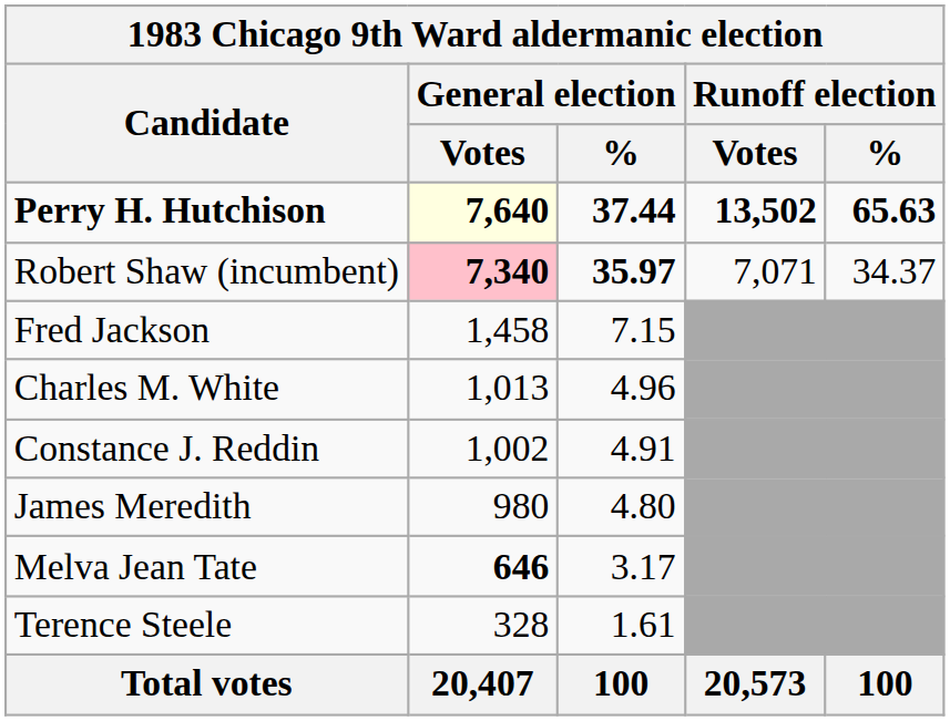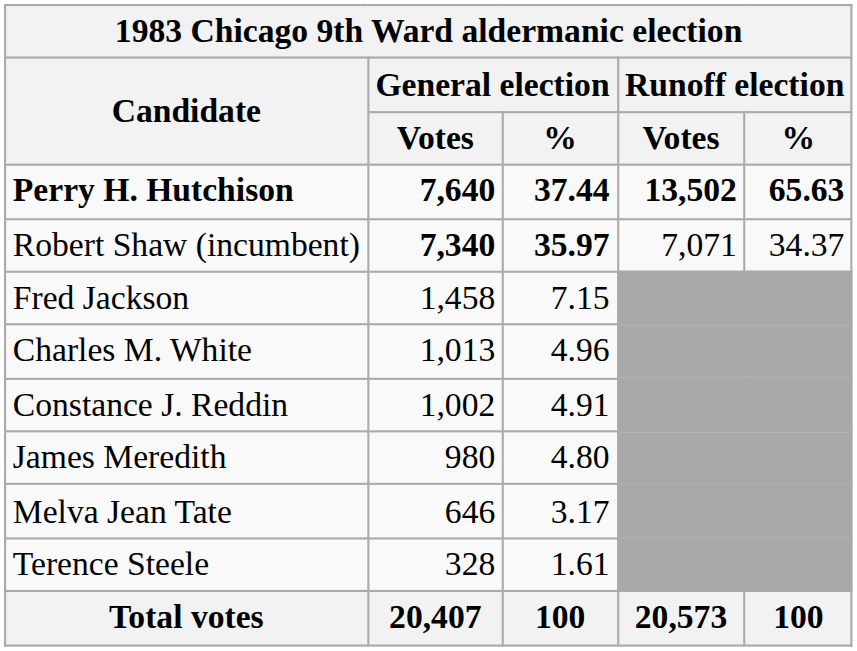 <table class=wikitable>
 <tr>
 <th colspan=5>1983 Chicago 9th Ward aldermanic election</th>
 </tr>
 <tr>
 <th colspan=1 rowspan=2>Candidate</th>
 <th colspan=2><strong>General election</strong></th>
 <th colspan=2><strong>Runoff election</strong></th>
 </tr>
 <tr>
 <th>Votes</th>
 <th>%</th>
 <th>Votes</th>
 <th>%</th>
 </tr>
 <tr>
 <td><strong>Perry H. Hutchison</strong></td>
-<td align="right" style="background: lightyellow;"><strong>7,640</strong></td>
+<td align="right"><strong>7,640</strong></td>
 <td align="right"><strong>37.44</strong></td>
 <td align="right"><strong>13,502</strong></td>
 <td align="right"><strong>65.63</strong></td>
 </tr>
 <tr>
 <td>Robert Shaw (incumbent)</td>
-<td align="right" style="background: pink;"><strong>7,340</strong></td>
+<td align="right"><strong>7,340</strong></td>
 <td align="right"><strong>35.97</strong></td>
 <td align="right">7,071</td>
 <td align="right">34.37</td>
 </tr>
 <tr>
 <td>Fred Jackson</td>
 <td align="right">1,458</td>
 <td align="right">7.15</td>
 <td colspan=2 bgcolor=darkgray></td>
 </tr>
 <tr>
 <td>Charles M. White</td>
 <td align="right">1,013</td>
 <td align="right">4.96</td>
 <td colspan=2 bgcolor=darkgray></td>
 </tr>
 <tr>
 <td>Constance J. Reddin</td>
 <td align="right">1,002</td>
 <td align="right">4.91</td>
 <td colspan=2 bgcolor=darkgray></td>
 </tr>
 <tr>
 <td>James Meredith</td>
 <td align="right">980</td>
 <td align="right">4.80</td>
 <td colspan=2 bgcolor=darkgray></td>
 </tr>
 <tr>
 <td>Melva Jean Tate</td>
-<td align="right"><strong>646</strong></td>
+<td align="right">646</td>
 <td align="right">3.17</td>
 <td colspan=2 bgcolor=darkgray></td>
 </tr>
 <tr>
 <td>Terence Steele</td>
 <td align="right">328</td>
 <td align="right">1.61</td>
 <td colspan=2 bgcolor=darkgray></td>
 </tr>
 <tr>
 <th>Total votes</th>
 <th>20,407</th>
 <th>100</th>
 <th>20,573</th>
 <th>100</th>
 </tr>
 </table>
